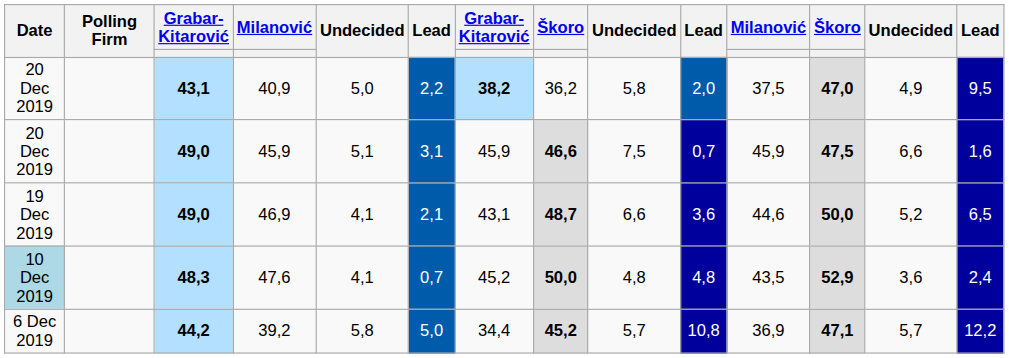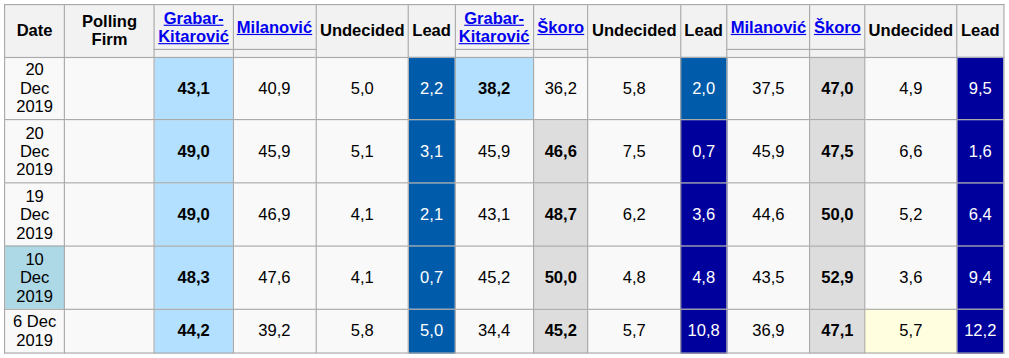 <table class="wikitable" style="text-align:center; font-size:90%; line-height:16px">
 <tr>
 <th rowspan="2" style="width:100px;">Date</th>
 <th rowspan="2" style="width:165px;">Polling Firm</th>
 <th><a href='#'>Grabar-Kitarović</a></th>
 <th><a href='#'>Milanović</a></th>
 <th rowspan="2" style="width:40px;">Undecided</th>
 <th rowspan="2" style="width:20px;">Lead</th>
 <th><a href='#'>Grabar-Kitarović</a></th>
 <th><a href='#'>Škoro</a></th>
 <th rowspan="2" style="width:40px;">Undecided</th>
 <th rowspan="2" style="width:20px;">Lead</th>
 <th><a href='#'>Milanović</a></th>
 <th><a href='#'>Škoro</a></th>
 <th rowspan="2" style="width:40px;">Undecided</th>
 <th rowspan="2" style="width:20px;">Lead</th>
 </tr>
 <tr>
 <th style="background:"></th>
 <th style="background:"></th>
 <th style="background:"></th>
 <th style="background:"></th>
 <th style="background:"></th>
 <th style="background:"></th>
 </tr>
 <tr>
 <td>20 Dec 2019</td>
 <td></td>
 <td style="background:#B3E0FF"><strong>43,1</strong></td>
 <td>40,9</td>
 <td>5,0</td>
 <td style="background:#005BAA; color:white;">2,2</td>
 <td style="background:#B3E0FF"><strong>38,2</strong></td>
 <td>36,2</td>
 <td>5,8</td>
 <td style="background:#005BAA; color:white;">2,0</td>
 <td>37,5</td>
 <td style="background:#DDDDDD"><strong>47,0</strong></td>
 <td>4,9</td>
 <td style="background:#00009C; color:white;">9,5</td>
 </tr>
 <tr>
 <td>20 Dec 2019</td>
 <td></td>
 <td style="background:#B3E0FF"><strong>49,0</strong></td>
 <td>45,9</td>
 <td>5,1</td>
 <td style="background:#005BAA; color:white;">3,1</td>
 <td>45,9</td>
 <td style="background:#DDDDDD"><strong>46,6</strong></td>
 <td>7,5</td>
 <td style="background:#00009C; color:white;">0,7</td>
 <td>45,9</td>
 <td style="background:#DDDDDD"><strong>47,5</strong></td>
 <td>6,6</td>
 <td style="background:#00009C; color:white;">1,6</td>
 </tr>
 <tr>
 <td>19 Dec 2019</td>
 <td></td>
 <td style="background:#B3E0FF"><strong>49,0</strong></td>
 <td>46,9</td>
 <td>4,1</td>
 <td style="background:#005BAA; color:white;">2,1</td>
 <td>43,1</td>
 <td style="background:#DDDDDD"><strong>48,7</strong></td>
-<td>6,6</td>
+<td>6,2</td>
 <td style="background:#00009C; color:white;">3,6</td>
 <td>44,6</td>
 <td style="background:#DDDDDD"><strong>50,0</strong></td>
 <td>5,2</td>
-<td style="background:#00009C; color:white;">6,5</td>
+<td style="background:#00009C; color:white;">6,4</td>
 </tr>
 <tr>
 <td style="background: lightblue;">10 Dec 2019</td>
 <td></td>
 <td style="background:#B3E0FF"><strong>48,3</strong></td>
 <td>47,6</td>
 <td>4,1</td>
 <td style="background:#005BAA; color:white;">0,7</td>
 <td>45,2</td>
 <td style="background:#DDDDDD"><strong>50,0</strong></td>
 <td>4,8</td>
 <td style="background:#00009C; color:white;">4,8</td>
 <td>43,5</td>
 <td style="background:#DDDDDD"><strong>52,9</strong></td>
 <td>3,6</td>
-<td style="background:#00009C; color:white;">2,4</td>
+<td style="background:#00009C; color:white;">9,4</td>
 </tr>
 <tr>
 <td>6 Dec 2019</td>
 <td></td>
 <td style="background:#B3E0FF"><strong>44,2</strong></td>
 <td>39,2</td>
 <td>5,8</td>
 <td style="background:#005BAA; color:white;">5,0</td>
 <td>34,4</td>
 <td style="background:#DDDDDD"><strong>45,2</strong></td>
 <td>5,7</td>
 <td style="background:#00009C; color:white;">10,8</td>
 <td>36,9</td>
 <td style="background:#DDDDDD"><strong>47,1</strong></td>
-<td>5,7</td>
+<td style="background: lightyellow;">5,7</td>
 <td style="background:#00009C; color:white;">12,2</td>
 </tr>
 </table>
